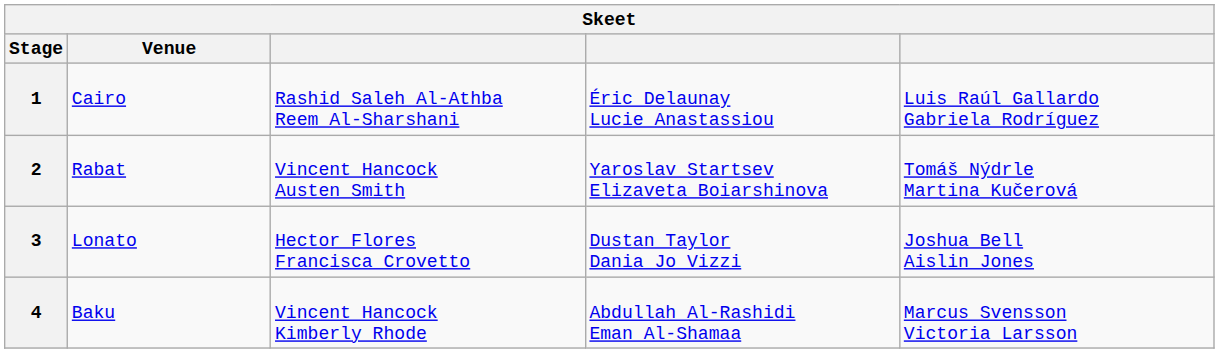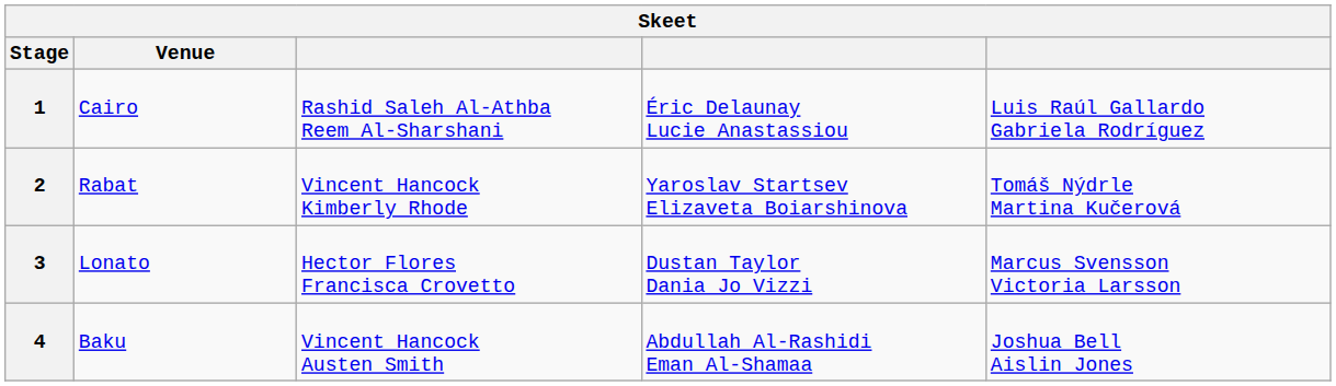 <table class="wikitable">
 <tr>
 <th colspan="5">Skeet</th>
 </tr>
 <tr>
 <th>Stage</th>
 <th width=140>Venue</th>
 <th width=220></th>
 <th width=220></th>
 <th width=220></th>
 </tr>
 <tr>
 <th>1</th>
 <td> <a href='#'>Cairo</a></td>
 <td><br><a href='#'>Rashid Saleh Al-Athba</a><br><a href='#'>Reem Al-Sharshani</a></td>
 <td><br><a href='#'>Éric Delaunay</a><br><a href='#'>Lucie Anastassiou</a></td>
 <td><br><a href='#'>Luis Raúl Gallardo</a><br><a href='#'>Gabriela Rodríguez</a></td>
 </tr>
 <tr>
 <th>2</th>
 <td> <a href='#'>Rabat</a></td>
-<td><br><a href='#'>Vincent Hancock</a><br><a href='#'>Austen Smith</a></td>
+<td><br><a href='#'>Vincent Hancock</a><br><a href='#'>Kimberly Rhode</a></td>
 <td><br><a href='#'>Yaroslav Startsev</a><br><a href='#'>Elizaveta Boiarshinova</a></td>
 <td><br><a href='#'>Tomáš Nýdrle</a><br><a href='#'>Martina Kučerová</a></td>
 </tr>
 <tr>
 <th>3</th>
 <td> <a href='#'>Lonato</a></td>
 <td><br><a href='#'>Hector Flores</a><br><a href='#'>Francisca Crovetto</a></td>
 <td><br><a href='#'>Dustan Taylor</a><br><a href='#'>Dania Jo Vizzi</a></td>
-<td><br><a href='#'>Joshua Bell</a><br><a href='#'>Aislin Jones</a></td>
+<td><br><a href='#'>Marcus Svensson</a><br><a href='#'>Victoria Larsson</a></td>
 </tr>
 <tr>
 <th>4</th>
 <td> <a href='#'>Baku</a></td>
-<td><br><a href='#'>Vincent Hancock</a><br><a href='#'>Kimberly Rhode</a></td>
+<td><br><a href='#'>Vincent Hancock</a><br><a href='#'>Austen Smith</a></td>
 <td><br><a href='#'>Abdullah Al-Rashidi</a><br><a href='#'>Eman Al-Shamaa</a></td>
-<td><br><a href='#'>Marcus Svensson</a><br><a href='#'>Victoria Larsson</a></td>
+<td><br><a href='#'>Joshua Bell</a><br><a href='#'>Aislin Jones</a></td>
 </tr>
 </table>
